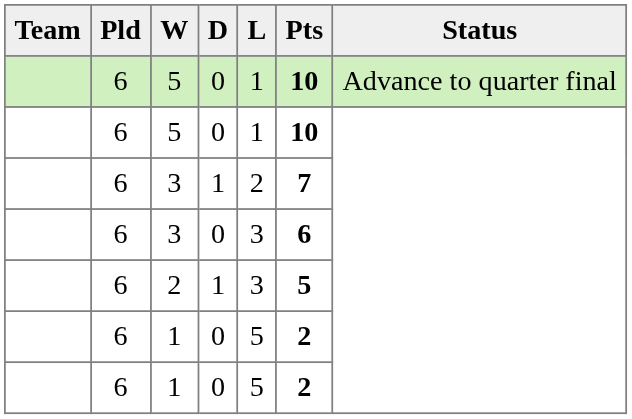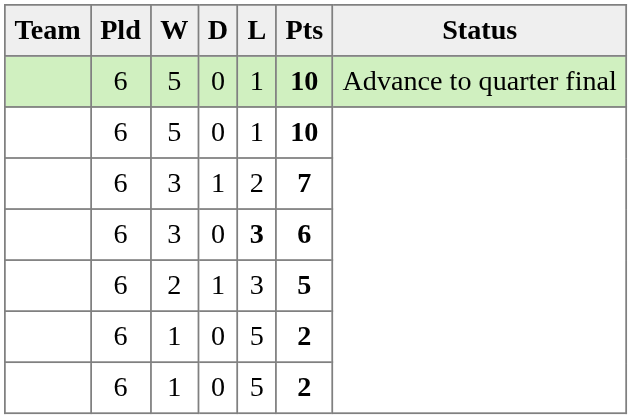 <table style=border-collapse:collapse border=1 cellspacing=0 cellpadding=5>
 <tr align=center bgcolor=#efefef>
 <th>Team</th>
 <th>Pld</th>
 <th>W</th>
 <th>D</th>
 <th>L</th>
 <th>Pts</th>
 <th>Status</th>
 </tr>
 <tr align=center style="background:#D0F0C0;">
 <td style="text-align:left;"> </td>
 <td>6</td>
 <td>5</td>
 <td>0</td>
 <td>1</td>
 <td><strong>10</strong></td>
 <td rowspan=1>Advance to quarter final</td>
 </tr>
 <tr align=center style="background:#FFFFFF;">
 <td style="text-align:left;"> </td>
 <td>6</td>
 <td>5</td>
 <td>0</td>
 <td>1</td>
 <td><strong>10</strong></td>
 <td rowspan=6></td>
 </tr>
 <tr align=center style="background:#FFFFFF;">
 <td style="text-align:left;"> </td>
 <td>6</td>
 <td>3</td>
 <td>1</td>
 <td>2</td>
 <td><strong>7</strong></td>
 </tr>
 <tr align=center style="background:#FFFFFF;">
 <td style="text-align:left;"> </td>
 <td>6</td>
 <td>3</td>
 <td>0</td>
-<td>3</td>
+<td><strong>3</strong></td>
 <td><strong>6</strong></td>
 </tr>
 <tr align=center style="background:#FFFFFF;">
 <td style="text-align:left;"> </td>
 <td>6</td>
 <td>2</td>
 <td>1</td>
 <td>3</td>
 <td><strong>5</strong></td>
 </tr>
 <tr align=center style="background:#FFFFFF;">
 <td style="text-align:left;"> </td>
 <td>6</td>
 <td>1</td>
 <td>0</td>
 <td>5</td>
 <td><strong>2</strong></td>
 </tr>
 <tr align=center style="background:#FFFFFF;">
 <td style="text-align:left;"> </td>
 <td>6</td>
 <td>1</td>
 <td>0</td>
 <td>5</td>
 <td><strong>2</strong></td>
 </tr>
 </table>
